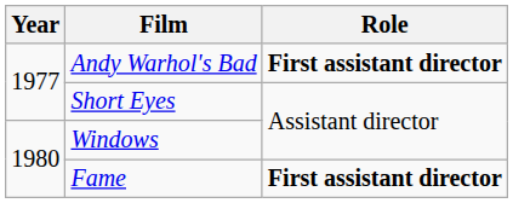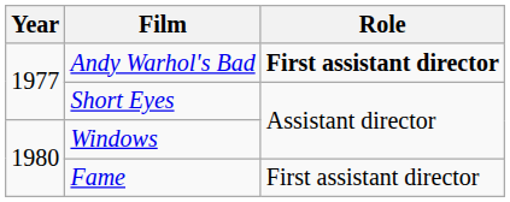 <table class="wikitable">
 <tr>
 <th>Year</th>
 <th>Film</th>
 <th>Role</th>
 </tr>
 <tr>
 <td rowspan=2>1977</td>
 <td><em><a href='#'>Andy Warhol's Bad</a></em></td>
 <td><strong>First assistant director</strong></td>
 </tr>
 <tr>
 <td><em><a href='#'>Short Eyes</a></em></td>
 <td rowspan=2>Assistant director</td>
 </tr>
 <tr>
 <td rowspan=2>1980</td>
 <td><em><a href='#'>Windows</a></em></td>
 </tr>
 <tr>
 <td><em><a href='#'>Fame</a></em></td>
-<td><strong>First assistant director</strong></td>
+<td>First assistant director</td>
 </tr>
 </table>
